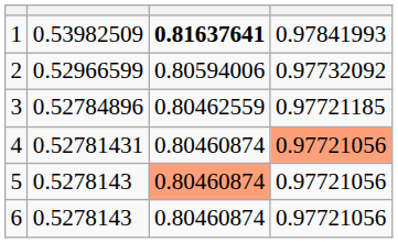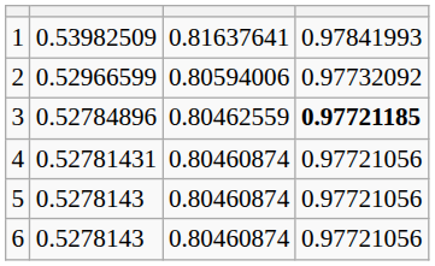 <table class="wikitable">
 <tr>
 <th></th>
 <th></th>
 <th></th>
 <th></th>
 </tr>
 <tr>
 <td>1</td>
 <td>0.53982509</td>
-<td><strong>0.81637641</strong></td>
+<td>0.81637641</td>
 <td>0.97841993</td>
 </tr>
 <tr>
 <td>2</td>
 <td>0.52966599</td>
 <td>0.80594006</td>
 <td>0.97732092</td>
 </tr>
 <tr>
 <td>3</td>
 <td>0.52784896</td>
 <td>0.80462559</td>
-<td>0.97721185</td>
+<td><strong>0.97721185</strong></td>
 </tr>
 <tr>
 <td>4</td>
 <td>0.52781431</td>
 <td>0.80460874</td>
-<td style="background: lightsalmon;">0.97721056</td>
+<td>0.97721056</td>
 </tr>
 <tr>
 <td>5</td>
 <td>0.5278143</td>
-<td style="background: lightsalmon;">0.80460874</td>
+<td>0.80460874</td>
 <td>0.97721056</td>
 </tr>
 <tr>
 <td>6</td>
 <td>0.5278143</td>
 <td>0.80460874</td>
 <td>0.97721056</td>
 </tr>
 </table>
